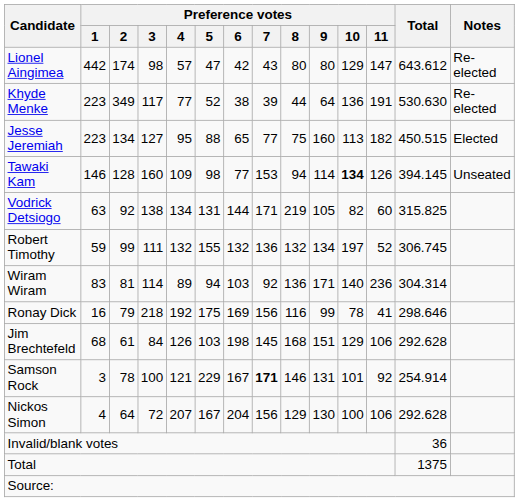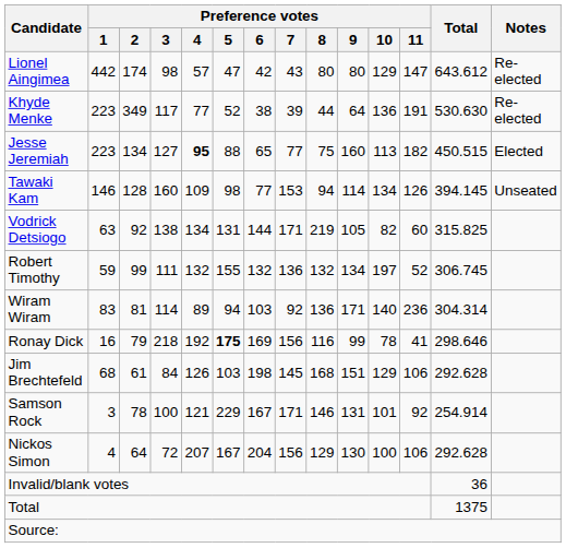 <table class=wikitable style=text-align:right>
 <tr>
 <th rowspan=2>Candidate</th>
 <th colspan=11>Preference votes</th>
 <th rowspan=2>Total</th>
 <th rowspan=2>Notes</th>
 </tr>
 <tr>
 <th>1</th>
 <th>2</th>
 <th>3</th>
 <th>4</th>
 <th>5</th>
 <th>6</th>
 <th>7</th>
 <th>8</th>
 <th>9</th>
 <th>10</th>
 <th>11</th>
 </tr>
 <tr>
 <td align=left><a href='#'>Lionel Aingimea</a></td>
 <td>442</td>
 <td>174</td>
 <td>98</td>
 <td>57</td>
 <td>47</td>
 <td>42</td>
 <td>43</td>
 <td>80</td>
 <td>80</td>
 <td>129</td>
 <td>147</td>
 <td>643.612</td>
 <td align=left>Re-elected</td>
 </tr>
 <tr>
 <td align=left><a href='#'>Khyde Menke</a></td>
 <td>223</td>
 <td>349</td>
 <td>117</td>
 <td>77</td>
 <td>52</td>
 <td>38</td>
 <td>39</td>
 <td>44</td>
 <td>64</td>
 <td>136</td>
 <td>191</td>
 <td>530.630</td>
 <td align=left>Re-elected</td>
 </tr>
 <tr>
 <td align=left><a href='#'>Jesse Jeremiah</a></td>
 <td>223</td>
 <td>134</td>
 <td>127</td>
-<td>95</td>
+<td><strong>95</strong></td>
 <td>88</td>
 <td>65</td>
 <td>77</td>
 <td>75</td>
 <td>160</td>
 <td>113</td>
 <td>182</td>
 <td>450.515</td>
 <td align=left>Elected</td>
 </tr>
 <tr>
 <td align=left><a href='#'>Tawaki Kam</a></td>
 <td>146</td>
 <td>128</td>
 <td>160</td>
 <td>109</td>
 <td>98</td>
 <td>77</td>
 <td>153</td>
 <td>94</td>
 <td>114</td>
-<td><strong>134</strong></td>
+<td>134</td>
 <td>126</td>
 <td>394.145</td>
 <td align=left>Unseated</td>
 </tr>
 <tr>
 <td align=left><a href='#'>Vodrick Detsiogo</a></td>
 <td>63</td>
 <td>92</td>
 <td>138</td>
 <td>134</td>
 <td>131</td>
 <td>144</td>
 <td>171</td>
 <td>219</td>
 <td>105</td>
 <td>82</td>
 <td>60</td>
 <td>315.825</td>
 <td></td>
 </tr>
 <tr>
 <td align=left>Robert Timothy</td>
 <td>59</td>
 <td>99</td>
 <td>111</td>
 <td>132</td>
 <td>155</td>
 <td>132</td>
 <td>136</td>
 <td>132</td>
 <td>134</td>
 <td>197</td>
 <td>52</td>
 <td>306.745</td>
 <td></td>
 </tr>
 <tr>
 <td align=left>Wiram Wiram</td>
 <td>83</td>
 <td>81</td>
 <td>114</td>
 <td>89</td>
 <td>94</td>
 <td>103</td>
 <td>92</td>
 <td>136</td>
 <td>171</td>
 <td>140</td>
 <td>236</td>
 <td>304.314</td>
 <td></td>
 </tr>
 <tr>
 <td align=left>Ronay Dick</td>
 <td>16</td>
 <td>79</td>
 <td>218</td>
 <td>192</td>
-<td>175</td>
+<td><strong>175</strong></td>
 <td>169</td>
 <td>156</td>
 <td>116</td>
 <td>99</td>
 <td>78</td>
 <td>41</td>
 <td>298.646</td>
 <td></td>
 </tr>
 <tr>
 <td align=left>Jim Brechtefeld</td>
 <td>68</td>
 <td>61</td>
 <td>84</td>
 <td>126</td>
 <td>103</td>
 <td>198</td>
 <td>145</td>
 <td>168</td>
 <td>151</td>
 <td>129</td>
 <td>106</td>
 <td>292.628</td>
 <td></td>
 </tr>
 <tr>
 <td align=left>Samson Rock</td>
 <td>3</td>
 <td>78</td>
 <td>100</td>
 <td>121</td>
 <td>229</td>
 <td>167</td>
-<td><strong>171</strong></td>
+<td>171</td>
 <td>146</td>
 <td>131</td>
 <td>101</td>
 <td>92</td>
 <td>254.914</td>
 <td></td>
 </tr>
 <tr>
 <td align=left>Nickos Simon</td>
 <td>4</td>
 <td>64</td>
 <td>72</td>
 <td>207</td>
 <td>167</td>
 <td>204</td>
 <td>156</td>
 <td>129</td>
 <td>130</td>
 <td>100</td>
 <td>106</td>
 <td>292.628</td>
 <td></td>
 </tr>
 <tr>
 <td colspan="12" align="left">Invalid/blank votes</td>
 <td>36</td>
 <td></td>
 </tr>
 <tr>
 <td colspan="12" align="left">Total</td>
 <td>1375</td>
 <td></td>
 </tr>
 <tr>
 <td align=left colspan=14>Source: </td>
 </tr>
 </table>
